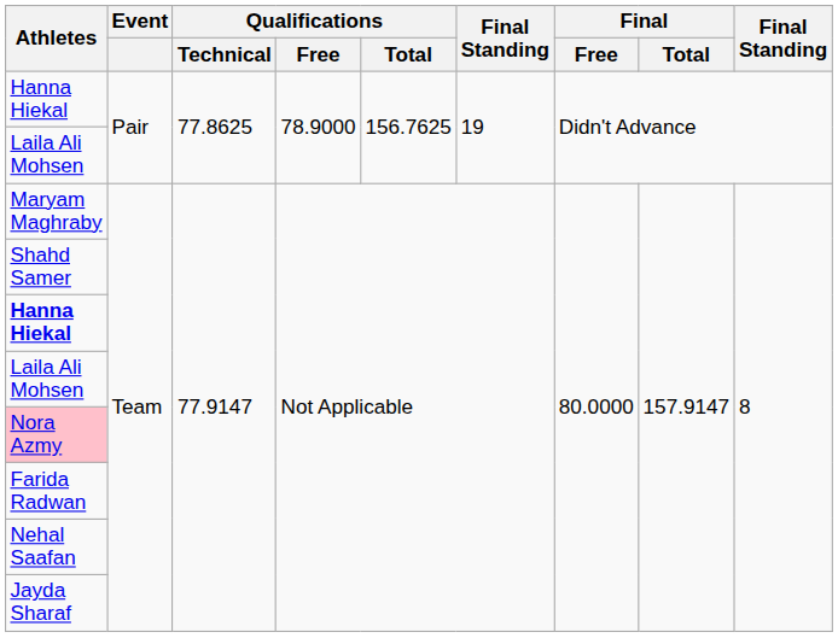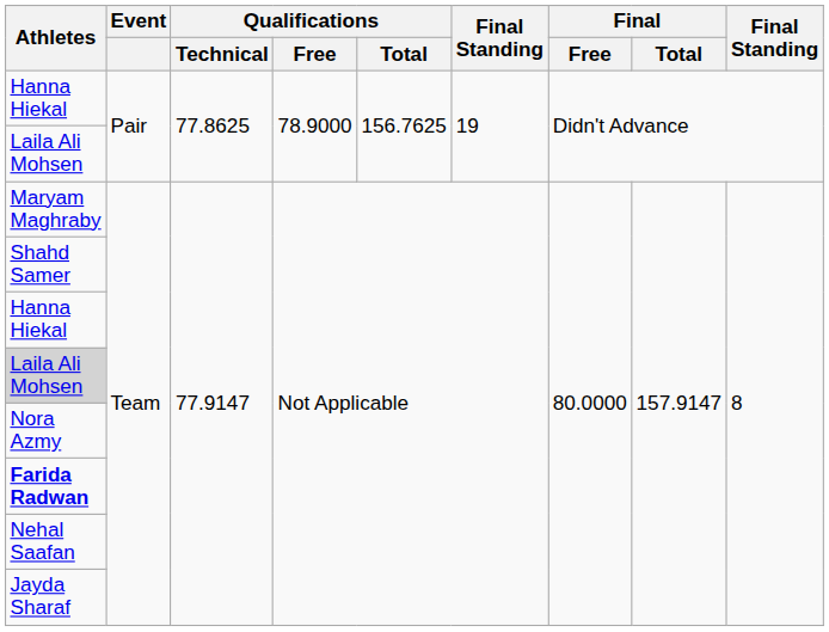 <table class="wikitable">
 <tr>
 <th rowspan="2">Athletes</th>
 <th>Event</th>
 <th colspan="3">Qualifications</th>
 <th rowspan="2">Final<br>Standing</th>
 <th colspan="2">Final</th>
 <th rowspan="2">Final<br>Standing</th>
 </tr>
 <tr>
 <th></th>
 <th>Technical</th>
 <th>Free</th>
 <th>Total</th>
 <th>Free</th>
 <th>Total</th>
 </tr>
 <tr>
 <td><a href='#'>Hanna Hiekal</a></td>
 <td rowspan="2">Pair</td>
 <td rowspan="2">77.8625</td>
 <td rowspan="2">78.9000</td>
 <td rowspan="2">156.7625</td>
 <td rowspan="2">19</td>
 <td colspan="3" rowspan="2">Didn't Advance</td>
 </tr>
 <tr>
 <td><a href='#'>Laila Ali Mohsen</a></td>
 </tr>
 <tr>
 <td><a href='#'>Maryam Maghraby</a></td>
 <td rowspan="8">Team</td>
 <td rowspan="8">77.9147</td>
 <td colspan="3" rowspan="8">Not Applicable</td>
 <td rowspan="8">80.0000</td>
 <td rowspan="8">157.9147</td>
 <td rowspan="8">8</td>
 </tr>
 <tr>
 <td><a href='#'>Shahd Samer</a></td>
 </tr>
 <tr>
-<td><strong><a href='#'>Hanna Hiekal</a></strong></td>
+<td><a href='#'>Hanna Hiekal</a></td>
 </tr>
 <tr>
-<td><a href='#'>Laila Ali Mohsen</a></td>
+<td style="background: lightgrey;"><a href='#'>Laila Ali Mohsen</a></td>
 </tr>
 <tr>
-<td style="background: pink;"><a href='#'>Nora Azmy</a></td>
+<td><a href='#'>Nora Azmy</a></td>
 </tr>
 <tr>
-<td><a href='#'>Farida Radwan</a></td>
+<td><strong><a href='#'>Farida Radwan</a></strong></td>
 </tr>
 <tr>
 <td><a href='#'>Nehal Saafan</a></td>
 </tr>
 <tr>
 <td><a href='#'>Jayda Sharaf</a></td>
 </tr>
 </table>
